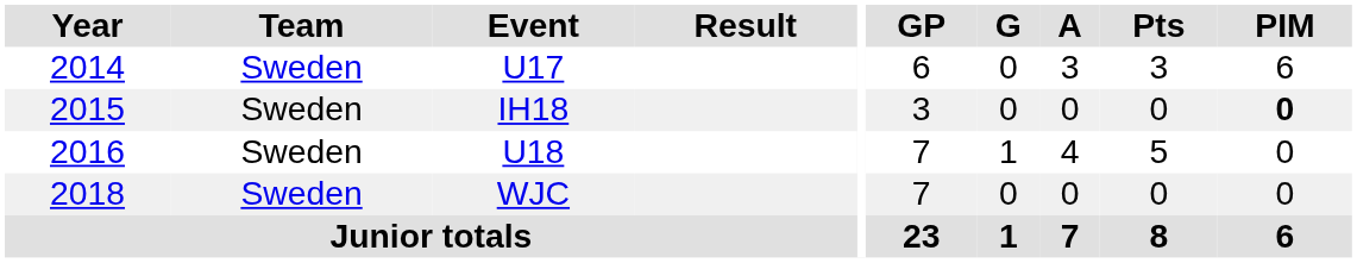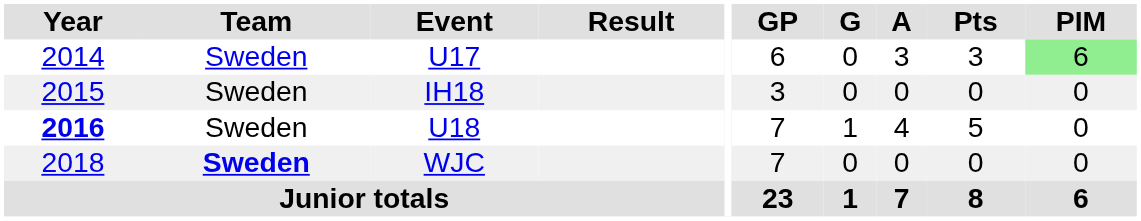 <table border="0" cellpadding="1" cellspacing="0" ID="Table3" style="text-align:center; width:40em">
 <tr ALIGN="center" bgcolor="#e0e0e0">
 <th>Year</th>
 <th>Team</th>
 <th>Event</th>
 <th>Result</th>
 <th rowspan="99" bgcolor="#ffffff"></th>
 <th>GP</th>
 <th>G</th>
 <th>A</th>
 <th>Pts</th>
 <th>PIM</th>
 </tr>
 <tr>
 <td><a href='#'>2014</a></td>
 <td><a href='#'>Sweden</a></td>
 <td><a href='#'>U17</a></td>
 <td></td>
 <td>6</td>
 <td>0</td>
 <td>3</td>
 <td>3</td>
-<td>6</td>
+<td style="background: lightgreen;">6</td>
 </tr>
 <tr bgcolor="#f0f0f0">
 <td><a href='#'>2015</a></td>
 <td>Sweden</td>
 <td><a href='#'>IH18</a></td>
 <td></td>
 <td>3</td>
 <td>0</td>
 <td>0</td>
 <td>0</td>
-<td><strong>0</strong></td>
+<td>0</td>
 </tr>
 <tr>
-<td><a href='#'>2016</a></td>
+<td><strong><a href='#'>2016</a></strong></td>
 <td>Sweden</td>
 <td><a href='#'>U18</a></td>
 <td></td>
 <td>7</td>
 <td>1</td>
 <td>4</td>
 <td>5</td>
 <td>0</td>
 </tr>
 <tr bgcolor="#f0f0f0">
 <td><a href='#'>2018</a></td>
-<td><a href='#'>Sweden</a></td>
+<td><strong><a href='#'>Sweden</a></strong></td>
 <td><a href='#'>WJC</a></td>
 <td></td>
 <td>7</td>
 <td>0</td>
 <td>0</td>
 <td>0</td>
 <td>0</td>
 </tr>
 <tr bgcolor="#e0e0e0">
 <th colspan="4">Junior totals</th>
 <th>23</th>
 <th>1</th>
 <th>7</th>
 <th>8</th>
 <th>6</th>
 </tr>
 </table>
